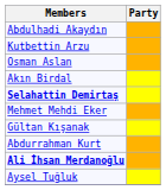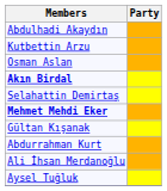 <table class=wikitable style="border:1px solid #8888aa; background-color:#f7f8ff; padding:0px; font-size:90%;">
 <tr>
 <th>Members</th>
 <th colspan="2">Party</th>
 </tr>
 <tr>
 <td><a href='#'>Abdulhadi Akaydın</a></td>
 <td style="background: #ffb300"></td>
 </tr>
 <tr>
 <td><a href='#'>Kutbettin Arzu</a></td>
 <td style="background: #ffb300"></td>
 </tr>
 <tr>
 <td><a href='#'>Osman Aslan</a></td>
 <td style="background: #ffb300"></td>
 </tr>
 <tr>
-<td><a href='#'>Akın Birdal</a></td>
+<td><strong><a href='#'>Akın Birdal</a></strong></td>
 <td style="background: #ffff00"></td>
 </tr>
 <tr>
-<td><strong><a href='#'>Selahattin Demirtaş</a></strong></td>
+<td><a href='#'>Selahattin Demirtaş</a></td>
 <td style="background: #ffff00"></td>
 </tr>
 <tr>
-<td><a href='#'>Mehmet Mehdi Eker</a></td>
+<td><strong><a href='#'>Mehmet Mehdi Eker</a></strong></td>
 <td style="background: #ffb300"></td>
 </tr>
 <tr>
 <td><a href='#'>Gültan Kışanak</a></td>
 <td style="background: #ffff00"></td>
 </tr>
 <tr>
 <td><a href='#'>Abdurrahman Kurt</a></td>
 <td style="background: #ffb300"></td>
 </tr>
 <tr>
-<td><strong><a href='#'>Ali İhsan Merdanoğlu</a></strong></td>
+<td><a href='#'>Ali İhsan Merdanoğlu</a></td>
 <td style="background: #ffb300"></td>
 </tr>
 <tr>
 <td><a href='#'>Aysel Tuğluk</a></td>
 <td style="background: #ffff00"></td>
 </tr>
 <tr>
 </tr>
 </table>
